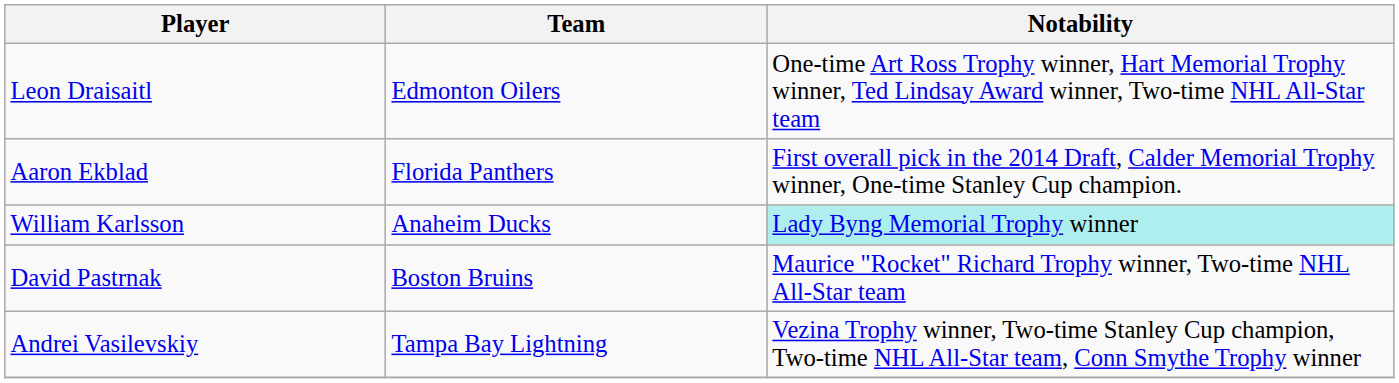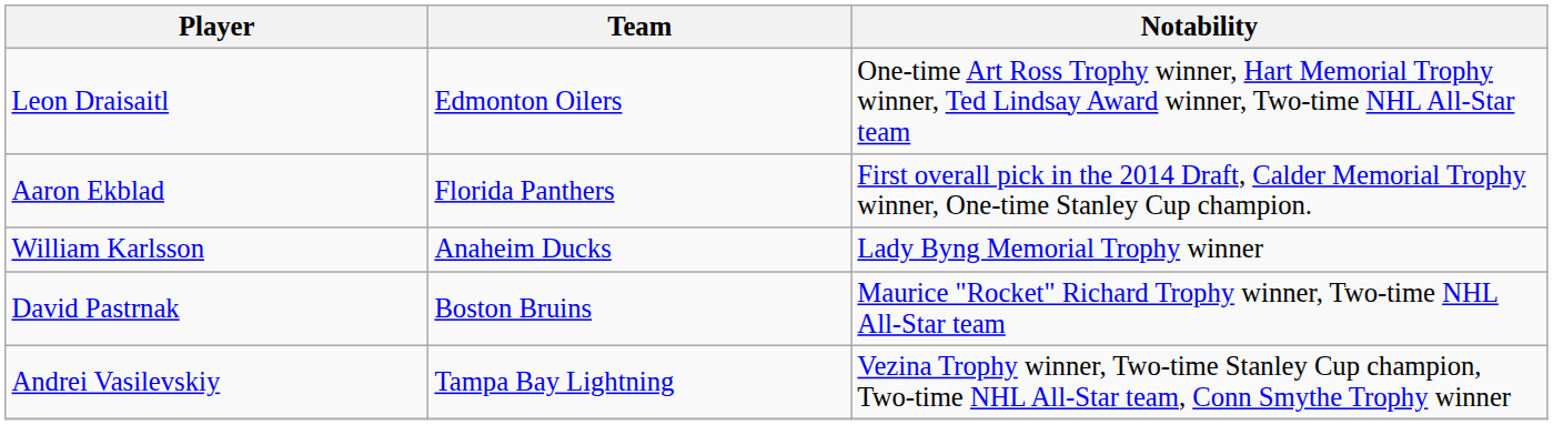 <table class="wikitable">
 <tr>
 <th style="width:15em">Player</th>
 <th style="width:15em">Team</th>
 <th style="width:25em">Notability</th>
 </tr>
 <tr>
 <td><a href='#'>Leon Draisaitl</a></td>
 <td><a href='#'>Edmonton Oilers</a></td>
 <td>One-time <a href='#'>Art Ross Trophy</a> winner, <a href='#'>Hart Memorial Trophy</a> winner, <a href='#'>Ted Lindsay Award</a> winner, Two-time <a href='#'>NHL All-Star team</a></td>
 </tr>
 <tr>
 <td><a href='#'>Aaron Ekblad</a></td>
 <td><a href='#'>Florida Panthers</a></td>
 <td><a href='#'>First overall pick in the 2014 Draft</a>, <a href='#'>Calder Memorial Trophy</a> winner, One-time Stanley Cup champion.</td>
 </tr>
 <tr>
 <td><a href='#'>William Karlsson</a></td>
 <td><a href='#'>Anaheim Ducks</a></td>
-<td style="background: paleturquoise;"><a href='#'>Lady Byng Memorial Trophy</a> winner</td>
+<td><a href='#'>Lady Byng Memorial Trophy</a> winner</td>
 </tr>
 <tr>
 <td><a href='#'>David Pastrnak</a></td>
 <td><a href='#'>Boston Bruins</a></td>
 <td><a href='#'>Maurice "Rocket" Richard Trophy</a> winner, Two-time <a href='#'>NHL All-Star team</a></td>
 </tr>
 <tr>
 <td><a href='#'>Andrei Vasilevskiy</a></td>
 <td><a href='#'>Tampa Bay Lightning</a></td>
 <td><a href='#'>Vezina Trophy</a> winner, Two-time Stanley Cup champion, Two-time <a href='#'>NHL All-Star team</a>, <a href='#'>Conn Smythe Trophy</a> winner</td>
 </tr>
 <tr>
 </tr>
 </table>
